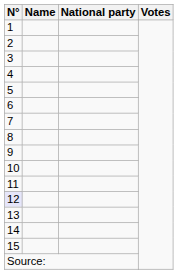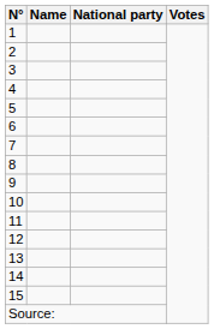 <table class="wikitable sortable" style="font-size:95%;line-height:14px;">
 <tr>
 <th>N°</th>
 <th>Name</th>
 <th colspan="2">National party</th>
 <th>Votes</th>
 </tr>
 <tr>
 <td>1</td>
 <td><em></em></td>
 <td></td>
 </tr>
 <tr>
 <td>2</td>
 <td><em></em></td>
 <td></td>
 </tr>
 <tr>
 <td>3</td>
 <td><em></em></td>
 <td></td>
 </tr>
 <tr>
 <td>4</td>
 <td><em></em></td>
 <td></td>
 </tr>
 <tr>
 <td>5</td>
 <td></td>
 <td></td>
 </tr>
 <tr>
 <td>6</td>
 <td></td>
 <td></td>
 </tr>
 <tr>
 <td>7</td>
 <td></td>
 <td></td>
 </tr>
 <tr>
 <td>8</td>
 <td></td>
 <td></td>
 </tr>
 <tr>
 <td>9</td>
 <td></td>
 <td></td>
 </tr>
 <tr>
 <td>10</td>
 <td></td>
 <td></td>
 </tr>
 <tr>
 <td>11</td>
 <td></td>
 <td></td>
 </tr>
 <tr>
-<td style="background: lavender;">12</td>
+<td>12</td>
 <td></td>
 <td></td>
 </tr>
 <tr>
 <td>13</td>
 <td></td>
 <td></td>
 </tr>
 <tr>
 <td>14</td>
 <td></td>
 <td></td>
 </tr>
 <tr>
 <td>15</td>
 <td></td>
 <td></td>
 </tr>
 <tr>
 <td colspan="3">Source: </td>
 </tr>
 </table>
